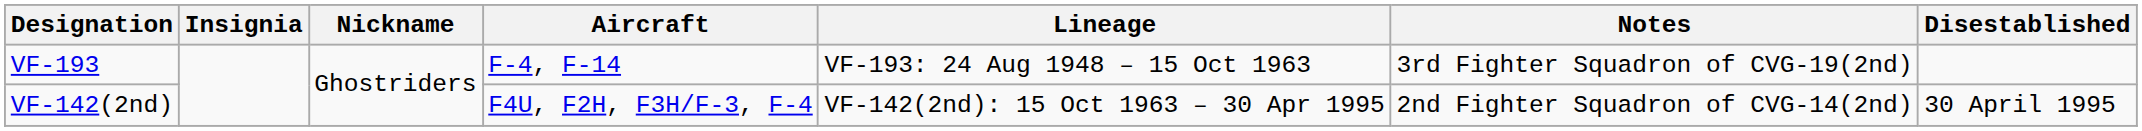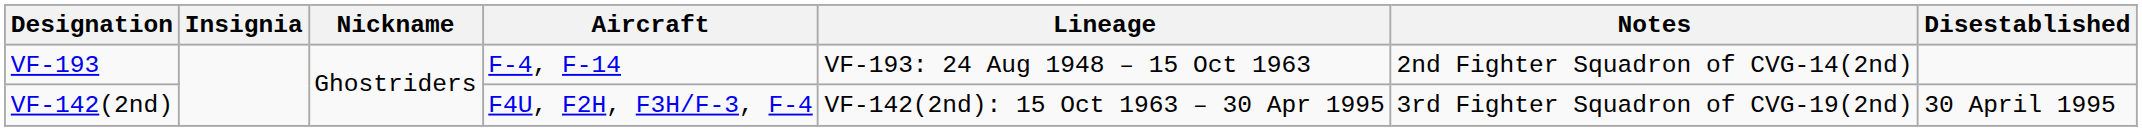 <table class="wikitable">
 <tr>
 <th>Designation</th>
 <th>Insignia</th>
 <th>Nickname</th>
 <th>Aircraft</th>
 <th>Lineage</th>
 <th>Notes</th>
 <th>Disestablished</th>
 </tr>
 <tr>
 <td><a href='#'>VF-193</a></td>
 <td rowspan="2"></td>
 <td rowspan="2">Ghostriders</td>
 <td><a href='#'>F-4</a>, <a href='#'>F-14</a></td>
 <td>VF-193: 24 Aug 1948 – 15 Oct 1963</td>
-<td>3rd Fighter Squadron of CVG-19(2nd)</td>
+<td>2nd Fighter Squadron of CVG-14(2nd)</td>
 </tr>
 <tr>
 <td><a href='#'>VF-142</a>(2nd)</td>
 <td><a href='#'>F4U</a>, <a href='#'>F2H</a>, <a href='#'>F3H/F-3</a>, <a href='#'>F-4</a></td>
 <td style="white-space: nowrap;">VF-142(2nd): 15 Oct 1963 – 30 Apr 1995</td>
-<td>2nd Fighter Squadron of CVG-14(2nd)</td>
+<td>3rd Fighter Squadron of CVG-19(2nd)</td>
 <td>30 April 1995</td>
 </tr>
 </table>
